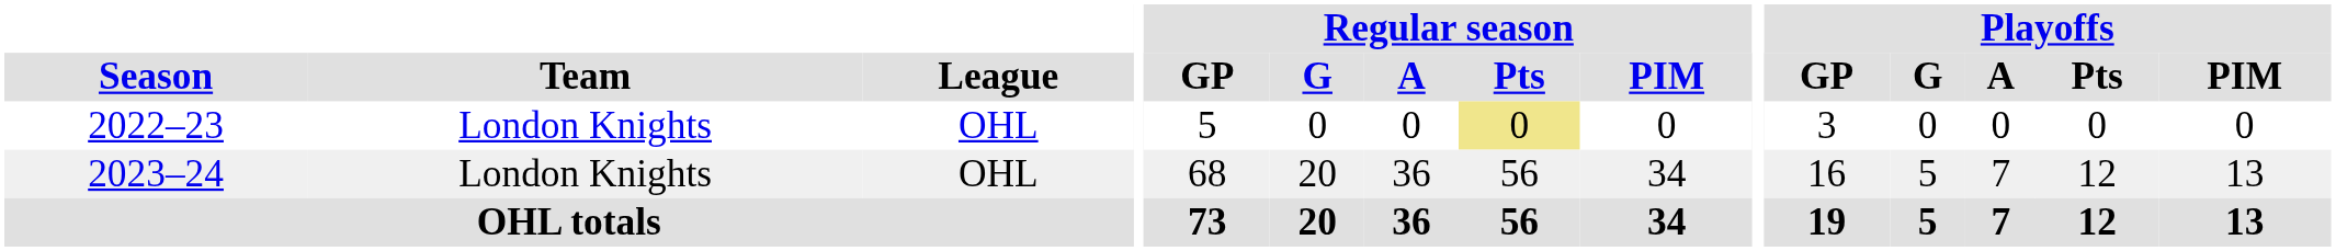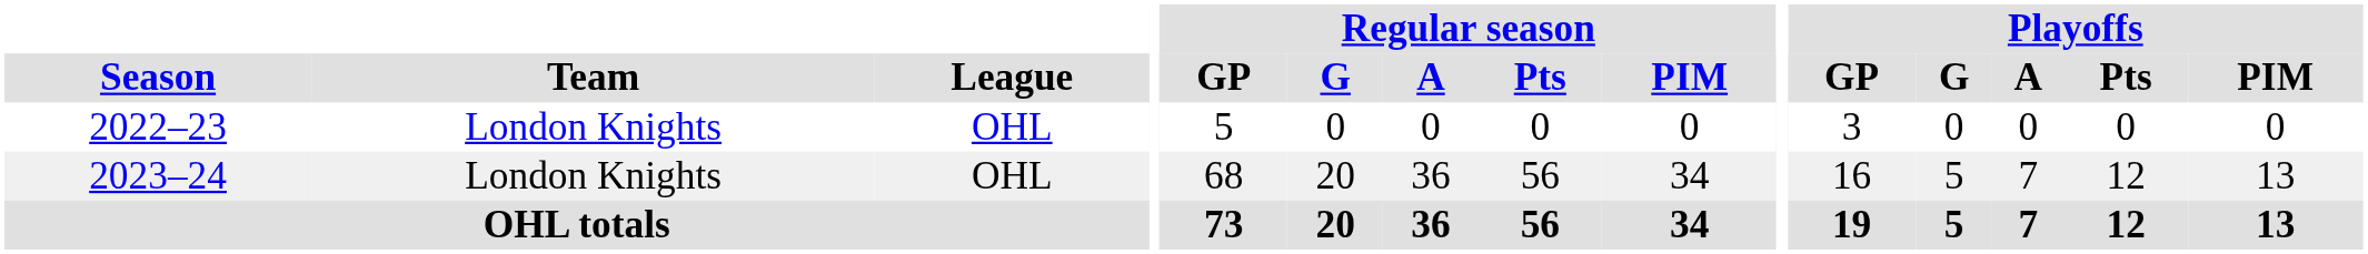 <table border="0" cellpadding="1" cellspacing="0" style="text-align:center; width:60em">
 <tr bgcolor="#e0e0e0">
 <th colspan="3" bgcolor="#ffffff"></th>
 <th rowspan="100" bgcolor="#ffffff"></th>
 <th colspan="5"><a href='#'>Regular season</a></th>
 <th rowspan="100" bgcolor="#ffffff"></th>
 <th colspan="5"><a href='#'>Playoffs</a></th>
 </tr>
 <tr bgcolor="#e0e0e0">
 <th><a href='#'>Season</a></th>
 <th>Team</th>
 <th>League</th>
 <th>GP</th>
 <th><a href='#'>G</a></th>
 <th><a href='#'>A</a></th>
 <th><a href='#'>Pts</a></th>
 <th><a href='#'>PIM</a></th>
 <th>GP</th>
 <th>G</th>
 <th>A</th>
 <th>Pts</th>
 <th>PIM</th>
 </tr>
 <tr>
 <td><a href='#'>2022–23</a></td>
 <td><a href='#'>London Knights</a></td>
 <td><a href='#'>OHL</a></td>
 <td>5</td>
 <td>0</td>
 <td>0</td>
-<td style="background: khaki;">0</td>
+<td>0</td>
 <td>0</td>
 <td>3</td>
 <td>0</td>
 <td>0</td>
 <td>0</td>
 <td>0</td>
 </tr>
 <tr bgcolor="#f0f0f0">
 <td><a href='#'>2023–24</a></td>
 <td>London Knights</td>
 <td>OHL</td>
 <td>68</td>
 <td>20</td>
 <td>36</td>
 <td>56</td>
 <td>34</td>
 <td>16</td>
 <td>5</td>
 <td>7</td>
 <td>12</td>
 <td>13</td>
 </tr>
 <tr bgcolor="#e0e0e0">
 <th colspan="3">OHL totals</th>
 <th>73</th>
 <th>20</th>
 <th>36</th>
 <th>56</th>
 <th>34</th>
 <th>19</th>
 <th>5</th>
 <th>7</th>
 <th>12</th>
 <th>13</th>
 </tr>
 </table>
